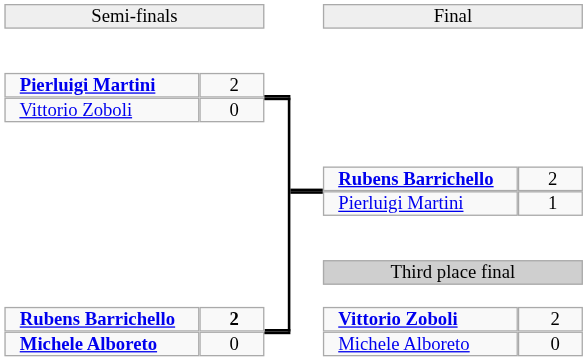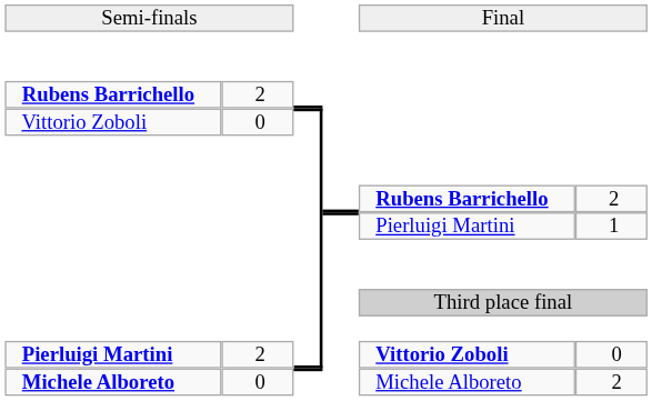 <table border=0 cellpadding=0 cellspacing=0 style="font-size: 90%; margin:1em 2em 1em 1em;">
 <tr>
 <td> </td>
 <td align="center" colspan="2" style="border:1px solid #aaa;" bgcolor=#EFEFEF>Semi-finals</td>
 <td colspan="2"></td>
 <td align="center" colspan="2" style="border:1px solid #aaa;" bgcolor=#EFEFEF>Final</td>
 </tr>
 <tr>
 <td> </td>
 <td width=150> </td>
 <td width=50> </td>
 <td width=20> </td>
 <td width=25> </td>
 <td width=150> </td>
 <td width=50> </td>
 </tr>
 <tr>
 <td height=6></td>
 <td colspan="6" rowspan="1"> </td>
 </tr>
 <tr>
 <td height=6></td>
-<td style="border:1px solid #aaa;" bgcolor="#f9f9f9">   <strong><a href='#'>Pierluigi Martini</a></strong></td>
+<td style="border:1px solid #aaa;" bgcolor="#f9f9f9">   <strong><a href='#'>Rubens Barrichello</a></strong></td>
 <td align=center style="border:1px solid #aaa;" bgcolor=#f9f9f9> 2</td>
 <td align=center style="border-width:0 0 2px 0; border-style:solid;border-color:black;"> </td>
 </tr>
 <tr>
 <td height=6></td>
 <td style="border:1px solid #aaa;" bgcolor="#f9f9f9">    <a href='#'>Vittorio Zoboli</a></td>
 <td align=center style="border:1px solid #aaa;" bgcolor=#f9f9f9> 0</td>
 <td rowspan="10" align=center style="border-width:2px 2px 2px 0; border-style:solid;border-color:black;"> </td>
 </tr>
 <tr>
 <td height=6></td>
 <td> </td>
 </tr>
 <tr>
 <td height=6></td>
 <td colspan="4" rowspan="1"></td>
 <td colspan="2" rowspan="1"> </td>
 </tr>
 <tr>
 <td height=6></td>
 <td rowspan="2" colspan="3"> </td>
 <td align=center style="border-width:0 0 2px 0; border-style:solid;border-color:black;"> </td>
 <td style="border:1px solid #aaa;" bgcolor="#f9f9f9">   <strong><a href='#'>Rubens Barrichello</a></strong></td>
 <td align=center style="border:1px solid #aaa;" bgcolor=#f9f9f9> 2</td>
 </tr>
 <tr>
 <td height=6></td>
 <td align=center style="border-width:2px 0 0 0; border-style:solid;border-color:black;"></td>
 <td style="border:1px solid #aaa;" bgcolor="#f9f9f9">   <a href='#'>Pierluigi Martini</a></td>
 <td align=center style="border:1px solid #aaa;" bgcolor=#f9f9f9> 1</td>
 </tr>
 <tr>
 <td height=6></td>
 <td> </td>
 </tr>
 <tr>
 <td height="6"></td>
 <td> </td>
 </tr>
 <tr>
 <td height=6></td>
 <td colspan="4" rowspan="1"></td>
 <td colspan="2" rowspan="1" align="center" style="border:1px solid #aaa;" bgcolor="#CFCFCF">Third place final</td>
 </tr>
 <tr>
 <td height=6></td>
 <td colspan="2" rowspan="1"> </td>
 <td colspan="1" rowspan="1"></td>
 <td colspan="2" rowspan="1"> </td>
 </tr>
 <tr>
 <td height=6></td>
-<td style="border:1px solid #aaa;" bgcolor="#f9f9f9">   <strong><a href='#'>Rubens Barrichello</a></strong></td>
-<td align=center style="border:1px solid #aaa;" bgcolor=#f9f9f9><strong> 2</strong></td>
+<td style="border:1px solid #aaa;" bgcolor="#f9f9f9">   <strong><a href='#'>Pierluigi Martini</a></strong></td>
+<td align=center style="border:1px solid #aaa;" bgcolor=#f9f9f9> 2</td>
 <td colspan="1" rowspan="1"></td>
 <td style="border:1px solid #aaa;" bgcolor="#f9f9f9">   <strong><a href='#'>Vittorio Zoboli</a></strong></td>
-<td style="border:1px solid #aaa;" bgcolor="#f9f9f9" align="center">  2</td>
+<td style="border:1px solid #aaa;" bgcolor="#f9f9f9" align="center">  0</td>
 </tr>
 <tr>
 <td height=6></td>
 <td style="border:1px solid #aaa;" bgcolor="#f9f9f9"><strong>   <a href='#'>Michele Alboreto</a></strong></td>
 <td align=center style="border:1px solid #aaa;" bgcolor=#f9f9f9> 0</td>
 <td align=center style="border-width:2px 0 0 0; border-style:solid;border-color:black;"> </td>
 <td colspan="1" rowspan="1"></td>
 <td style="border:1px solid #aaa;" bgcolor="#f9f9f9">   <a href='#'>Michele Alboreto</a></td>
-<td style="border:1px solid #aaa;" bgcolor="#f9f9f9" align="center">  0</td>
+<td style="border:1px solid #aaa;" bgcolor="#f9f9f9" align="center">  2</td>
 </tr>
 </table>
